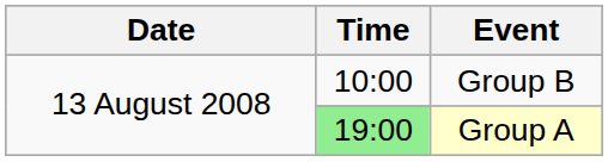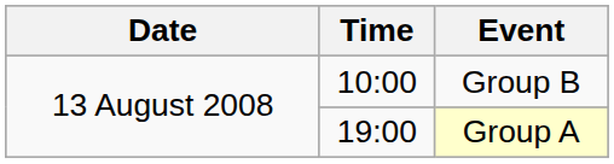 <table class = "wikitable" style="text-align:center;">
 <tr>
 <th width=150>Date</th>
 <th width=50>Time</th>
 <th width=80>Event</th>
 </tr>
 <tr>
 <td rowspan=2>13 August 2008</td>
 <td>10:00</td>
 <td>Group B</td>
 </tr>
 <tr>
-<td style="background: lightgreen;">19:00</td>
+<td>19:00</td>
 <td bgcolor=ffffcc>Group A</td>
 </tr>
 </table>
